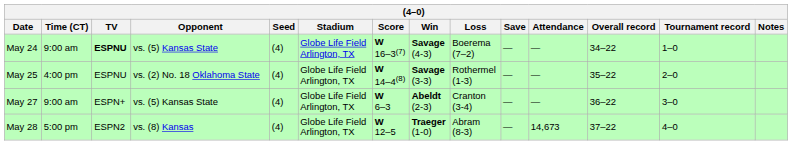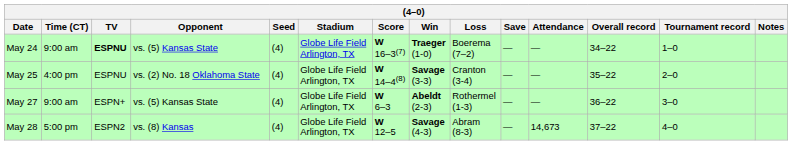 <table class="wikitable collapsible" style="margin:auto; font-size:95%; width:100%">
 <tr>
 <th colspan=15 style="padding-left:4em;"> (4–0)</th>
 </tr>
 <tr>
 <th>Date</th>
 <th>Time (CT)</th>
 <th>TV</th>
 <th>Opponent</th>
 <th>Seed</th>
 <th>Stadium</th>
 <th>Score</th>
 <th>Win</th>
 <th>Loss</th>
 <th>Save</th>
 <th>Attendance</th>
 <th>Overall record</th>
 <th>Tournament record</th>
 <th>Notes</th>
 </tr>
 <tr bgcolor="bbffbb">
 <td>May 24</td>
 <td>9:00 am</td>
 <td><strong>ESPNU</strong></td>
 <td>vs. (5) <a href='#'>Kansas State</a></td>
 <td>(4)</td>
 <td><a href='#'>Globe Life Field</a><br><a href='#'>Arlington, TX</a></td>
 <td><strong>W</strong><br>16–3<sup>(7)</sup></td>
-<td><strong>Savage</strong><br>(4-3)</td>
+<td><strong>Traeger</strong><br>(1-0)</td>
 <td>Boerema<br>(7–2)</td>
 <td>—</td>
 <td>—</td>
 <td>34–22</td>
 <td>1–0</td>
 <td><br></td>
 </tr>
 <tr bgcolor="bbffbb">
 <td>May 25</td>
 <td>4:00 pm</td>
 <td>ESPNU</td>
 <td>vs. (2) No. 18 <a href='#'>Oklahoma State</a></td>
 <td>(4)</td>
 <td>Globe Life Field<br>Arlington, TX</td>
 <td><strong>W</strong><br>14–4<sup>(8)</sup></td>
 <td><strong>Savage</strong><br>(3-3)</td>
-<td>Rothermel<br>(1-3)</td>
+<td>Cranton<br>(3-4)</td>
 <td>—</td>
 <td>—</td>
 <td>35–22</td>
 <td>2–0</td>
 <td><br></td>
 </tr>
 <tr bgcolor="bbffbb">
 <td>May 27</td>
 <td>9:00 am</td>
 <td>ESPN+</td>
 <td>vs. (5) Kansas State</td>
 <td>(4)</td>
 <td>Globe Life Field<br>Arlington, TX</td>
 <td><strong>W</strong><br>6–3</td>
 <td><strong>Abeldt</strong><br>(2-3)</td>
-<td>Cranton<br>(3-4)</td>
+<td>Rothermel<br>(1-3)</td>
 <td>—</td>
 <td>—</td>
 <td>36–22</td>
 <td>3–0</td>
 <td><br></td>
 </tr>
 <tr bgcolor="bbffbb">
 <td>May 28</td>
 <td>5:00 pm</td>
 <td>ESPN2</td>
 <td>vs. (8) <a href='#'>Kansas</a></td>
 <td>(4)</td>
 <td>Globe Life Field<br>Arlington, TX</td>
 <td><strong>W</strong><br>12–5</td>
-<td><strong>Traeger</strong><br>(1-0)</td>
+<td><strong>Savage</strong><br>(4-3)</td>
 <td>Abram<br>(8-3)</td>
 <td>—</td>
 <td>14,673</td>
 <td>37–22</td>
 <td>4–0</td>
 <td><br></td>
 </tr>
 </table>
